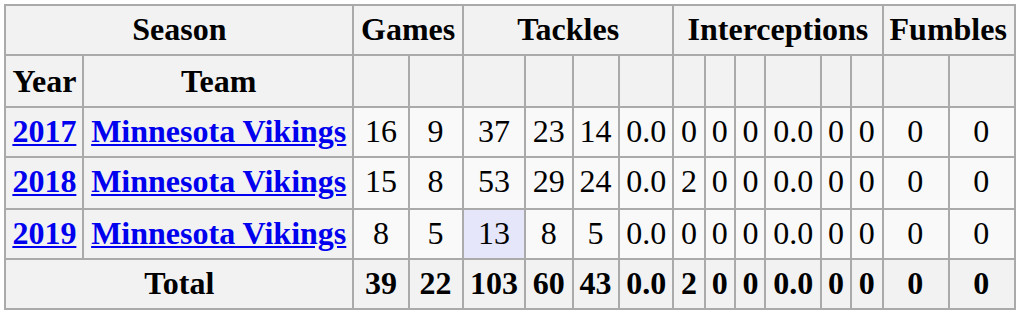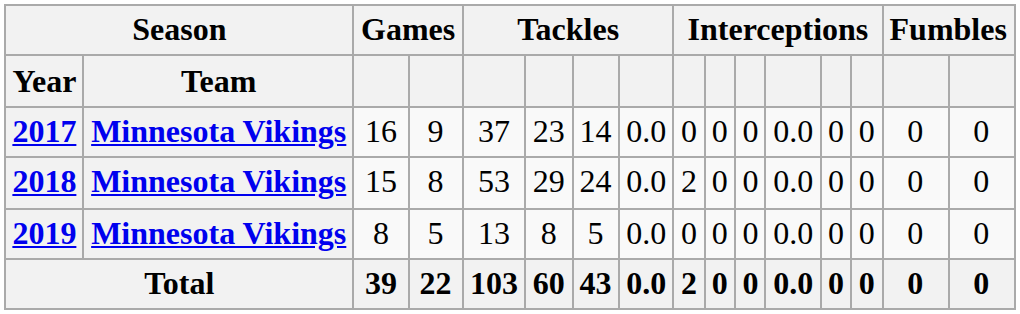 <table class="wikitable" style="text-align:center;">
 <tr>
 <th colspan="2">Season</th>
 <th colspan="2">Games</th>
 <th colspan="4">Tackles</th>
 <th colspan="6">Interceptions</th>
 <th colspan="2">Fumbles</th>
 </tr>
 <tr>
 <th>Year</th>
 <th>Team</th>
 <th></th>
 <th></th>
 <th></th>
 <th></th>
 <th></th>
 <th></th>
 <th></th>
 <th></th>
 <th></th>
 <th></th>
 <th></th>
 <th></th>
 <th></th>
 <th></th>
 </tr>
 <tr>
 <th><a href='#'>2017</a></th>
 <th><a href='#'>Minnesota Vikings</a></th>
 <td>16</td>
 <td>9</td>
 <td>37</td>
 <td>23</td>
 <td>14</td>
 <td>0.0</td>
 <td>0</td>
 <td>0</td>
 <td>0</td>
 <td>0.0</td>
 <td>0</td>
 <td>0</td>
 <td>0</td>
 <td>0</td>
 </tr>
 <tr>
 <th><a href='#'>2018</a></th>
 <th><a href='#'>Minnesota Vikings</a></th>
 <td>15</td>
 <td>8</td>
 <td>53</td>
 <td>29</td>
 <td>24</td>
 <td>0.0</td>
 <td>2</td>
 <td>0</td>
 <td>0</td>
 <td>0.0</td>
 <td>0</td>
 <td>0</td>
 <td>0</td>
 <td>0</td>
 </tr>
 <tr>
 <th><a href='#'>2019</a></th>
 <th><a href='#'>Minnesota Vikings</a></th>
 <td>8</td>
 <td>5</td>
-<td style="background: lavender;">13</td>
+<td>13</td>
 <td>8</td>
 <td>5</td>
 <td>0.0</td>
 <td>0</td>
 <td>0</td>
 <td>0</td>
 <td>0.0</td>
 <td>0</td>
 <td>0</td>
 <td>0</td>
 <td>0</td>
 </tr>
 <tr>
 <th colspan="2">Total</th>
 <th>39</th>
 <th>22</th>
 <th>103</th>
 <th>60</th>
 <th>43</th>
 <th>0.0</th>
 <th>2</th>
 <th>0</th>
 <th>0</th>
 <th>0.0</th>
 <th>0</th>
 <th>0</th>
 <th>0</th>
 <th>0</th>
 </tr>
 </table>
